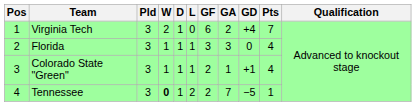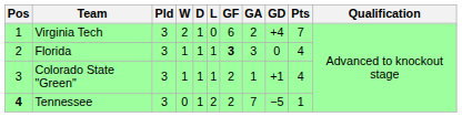 <table class="wikitable" style="text-align:center">
 <tr>
 <th>Pos</th>
 <th>Team</th>
 <th>Pld</th>
 <th>W</th>
 <th>D</th>
 <th>L</th>
 <th>GF</th>
 <th>GA</th>
 <th>GD</th>
 <th>Pts</th>
 <th>Qualification</th>
 </tr>
 <tr bgcolor="#9eff9e">
 <td>1</td>
 <td style="text-align:left">Virginia Tech</td>
 <td>3</td>
 <td>2</td>
 <td>1</td>
 <td>0</td>
 <td>6</td>
 <td>2</td>
 <td>+4</td>
 <td>7</td>
 <td rowspan="4">Advanced to knockout stage</td>
 </tr>
 <tr bgcolor="#9eff9e">
 <td>2</td>
 <td style="text-align:left">Florida</td>
 <td>3</td>
 <td>1</td>
 <td>1</td>
 <td>1</td>
-<td>3</td>
+<td><strong>3</strong></td>
 <td>3</td>
 <td>0</td>
 <td>4</td>
 </tr>
 <tr bgcolor="#9eff9e">
 <td>3</td>
 <td style="text-align:left">Colorado State "Green"</td>
 <td>3</td>
 <td>1</td>
 <td>1</td>
 <td>1</td>
 <td>2</td>
 <td>1</td>
 <td>+1</td>
 <td>4</td>
 </tr>
 <tr bgcolor="#9eff9e">
-<td>4</td>
+<td><strong>4</strong></td>
 <td style="text-align:left">Tennessee</td>
 <td>3</td>
-<td><strong>0</strong></td>
+<td>0</td>
 <td>1</td>
 <td>2</td>
 <td>2</td>
 <td>7</td>
 <td>−5</td>
 <td>1</td>
 </tr>
 </table>
